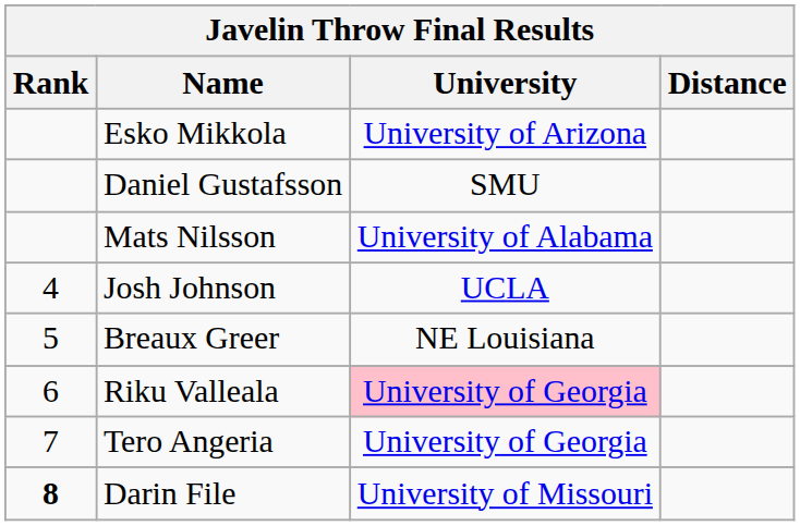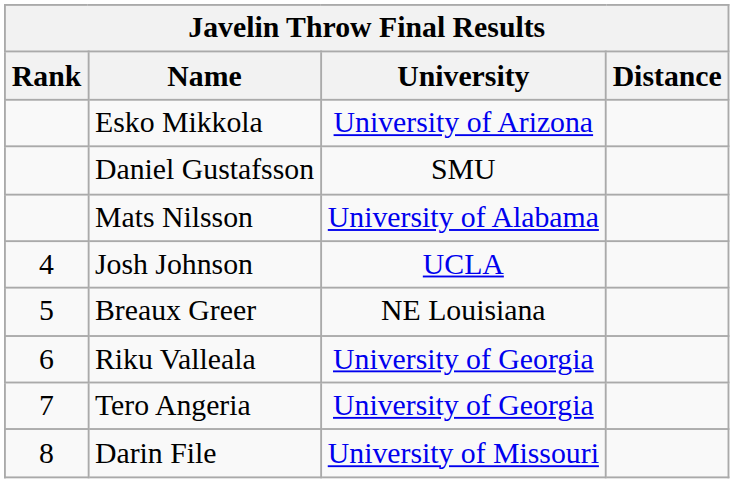 <table class="wikitable sortable" style="text-align:center">
 <tr>
 <th colspan="4">Javelin Throw Final Results</th>
 </tr>
 <tr>
 <th>Rank</th>
 <th>Name</th>
 <th>University</th>
 <th>Distance</th>
 </tr>
 <tr>
 <td></td>
 <td align=left>Esko Mikkola</td>
 <td><a href='#'>University of Arizona</a></td>
 <td></td>
 </tr>
 <tr>
 <td></td>
 <td align=left>Daniel Gustafsson</td>
 <td>SMU</td>
 <td></td>
 </tr>
 <tr>
 <td></td>
 <td align=left>Mats Nilsson</td>
 <td><a href='#'>University of Alabama</a></td>
 <td></td>
 </tr>
 <tr>
 <td>4</td>
 <td align=left>Josh Johnson</td>
 <td><a href='#'>UCLA</a></td>
 <td></td>
 </tr>
 <tr>
 <td>5</td>
 <td align=left>Breaux Greer</td>
 <td>NE Louisiana</td>
 <td></td>
 </tr>
 <tr>
 <td>6</td>
 <td align=left>Riku Valleala</td>
-<td style="background: pink;"><a href='#'>University of Georgia</a></td>
+<td><a href='#'>University of Georgia</a></td>
 <td></td>
 </tr>
 <tr>
 <td>7</td>
 <td align=left>Tero Angeria</td>
 <td><a href='#'>University of Georgia</a></td>
 <td></td>
 </tr>
 <tr>
-<td><strong>8</strong></td>
+<td>8</td>
 <td align=left>Darin File</td>
 <td><a href='#'>University of Missouri</a></td>
 <td></td>
 </tr>
 </table>
